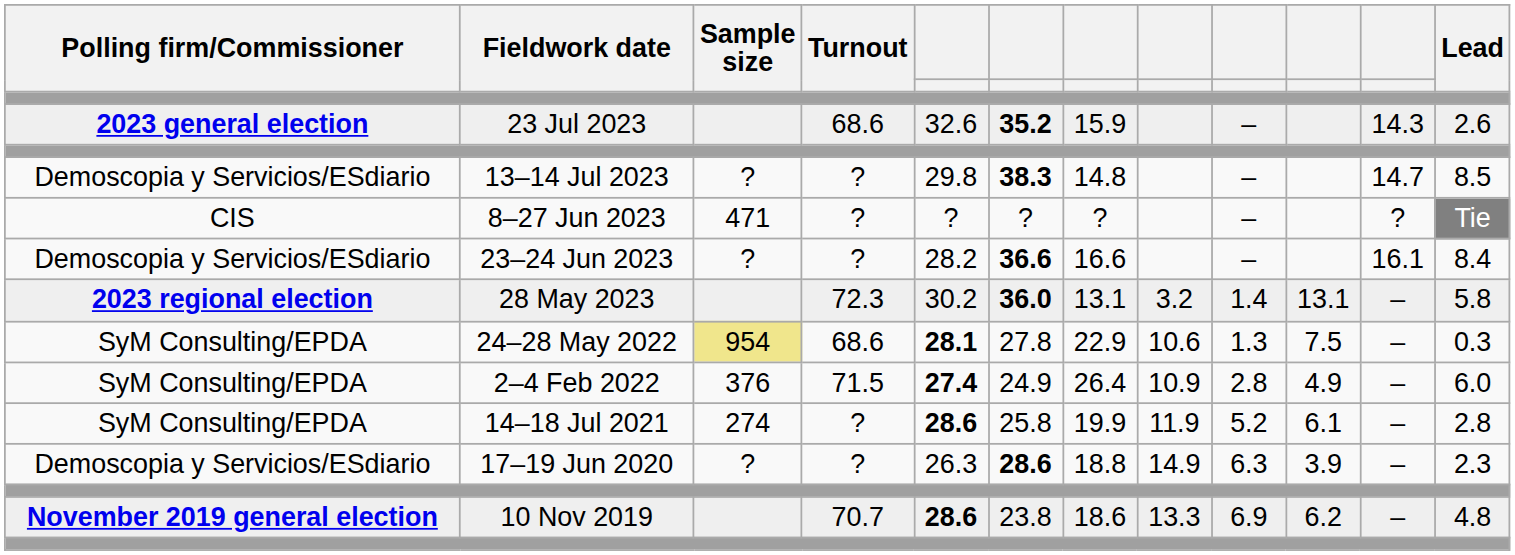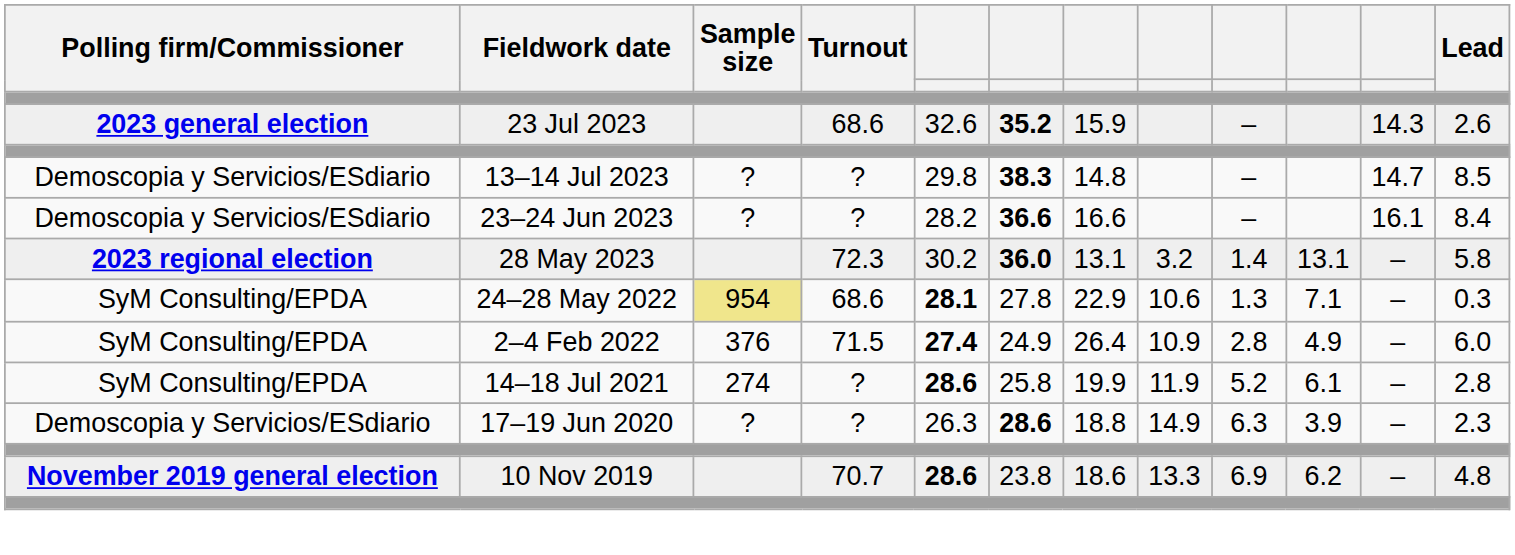 <table class="wikitable collapsible collapsed" style="text-align:center; font-size:95%; line-height:16px;">
 <tr style="height:42px;">
 <th style="width:250px;" rowspan="2">Polling firm/Commissioner</th>
 <th style="width:125px;" rowspan="2">Fieldwork date</th>
 <th style="width:50px;" rowspan="2">Sample size</th>
 <th style="width:45px;" rowspan="2">Turnout</th>
 <th style="width:35px;"></th>
 <th style="width:35px;"></th>
 <th style="width:35px;"></th>
 <th style="width:35px;"></th>
 <th style="width:35px;"></th>
 <th style="width:35px;"></th>
 <th style="width:35px;"></th>
 <th style="width:30px;" rowspan="2">Lead</th>
 </tr>
 <tr>
 <th style="color:inherit;background:"></th>
 <th style="color:inherit;background:"></th>
 <th style="color:inherit;background:"></th>
 <th style="color:inherit;background:"></th>
 <th style="color:inherit;background:"></th>
 <th style="color:inherit;background:"></th>
 <th style="color:inherit;background:"></th>
 </tr>
 <tr>
 <td colspan="12" style="background:#A0A0A0"></td>
 </tr>
 <tr style="background:#EFEFEF;">
 <td><strong><a href='#'>2023 general election</a></strong></td>
 <td>23 Jul 2023</td>
 <td></td>
 <td>68.6</td>
 <td>32.6<br></td>
 <td><strong>35.2</strong><br></td>
 <td>15.9<br></td>
 <td></td>
 <td>–</td>
 <td></td>
 <td>14.3<br></td>
 <td style="background:">2.6</td>
 </tr>
 <tr>
 <td colspan="12" style="background:#A0A0A0"></td>
 </tr>
 <tr>
 <td>Demoscopia y Servicios/ESdiario</td>
 <td>13–14 Jul 2023</td>
 <td>?</td>
 <td>?</td>
 <td>29.8<br></td>
 <td><strong>38.3</strong><br></td>
 <td>14.8<br></td>
 <td></td>
 <td>–</td>
 <td></td>
 <td>14.7<br></td>
 <td style="background:">8.5</td>
 </tr>
 <tr>
-<td>CIS</td>
-<td>8–27 Jun 2023</td>
-<td>471</td>
-<td>?</td>
-<td>?<br></td>
-<td>?<br></td>
-<td>?<br></td>
-<td></td>
-<td>–</td>
-<td></td>
-<td>?<br></td>
-<td style="background:gray; color:white;">Tie</td>
-</tr>
-<tr>
 <td>Demoscopia y Servicios/ESdiario</td>
 <td>23–24 Jun 2023</td>
 <td>?</td>
 <td>?</td>
 <td>28.2<br></td>
 <td><strong>36.6</strong><br></td>
 <td>16.6<br></td>
 <td></td>
 <td>–</td>
 <td></td>
 <td>16.1<br></td>
 <td style="background:">8.4</td>
 </tr>
 <tr style="background:#EFEFEF;">
 <td><strong><a href='#'>2023 regional election</a></strong></td>
 <td>28 May 2023</td>
 <td></td>
 <td>72.3</td>
 <td>30.2<br></td>
 <td><strong>36.0</strong><br></td>
 <td>13.1<br></td>
 <td>3.2<br></td>
 <td>1.4<br></td>
 <td>13.1<br></td>
 <td>–</td>
 <td style="background:">5.8</td>
 </tr>
 <tr>
 <td>SyM Consulting/EPDA</td>
 <td>24–28 May 2022</td>
 <td style="background: khaki;">954</td>
 <td>68.6</td>
 <td><strong>28.1</strong><br></td>
 <td>27.8<br></td>
 <td>22.9<br></td>
 <td>10.6<br></td>
 <td>1.3<br></td>
-<td>7.5<br></td>
+<td>7.1<br></td>
 <td>–</td>
 <td style="background:">0.3</td>
 </tr>
 <tr>
 <td>SyM Consulting/EPDA</td>
 <td>2–4 Feb 2022</td>
 <td>376</td>
 <td>71.5</td>
 <td><strong>27.4</strong><br></td>
 <td>24.9<br></td>
 <td>26.4<br></td>
 <td>10.9<br></td>
 <td>2.8<br></td>
 <td>4.9<br></td>
 <td>–</td>
 <td style="background:">6.0</td>
 </tr>
 <tr>
 <td>SyM Consulting/EPDA</td>
 <td>14–18 Jul 2021</td>
 <td>274</td>
 <td>?</td>
 <td><strong>28.6</strong><br></td>
 <td>25.8<br></td>
 <td>19.9<br></td>
 <td>11.9<br></td>
 <td>5.2<br></td>
 <td>6.1<br></td>
 <td>–</td>
 <td style="background:">2.8</td>
 </tr>
 <tr>
 <td>Demoscopia y Servicios/ESdiario</td>
 <td>17–19 Jun 2020</td>
 <td>?</td>
 <td>?</td>
 <td>26.3<br></td>
 <td><strong>28.6</strong><br></td>
 <td>18.8<br></td>
 <td>14.9<br></td>
 <td>6.3<br></td>
 <td>3.9<br></td>
 <td>–</td>
 <td style="background:">2.3</td>
 </tr>
 <tr>
 <td colspan="12" style="background:#A0A0A0"></td>
 </tr>
 <tr style="background:#EFEFEF;">
 <td><strong><a href='#'>November 2019 general election</a></strong></td>
 <td>10 Nov 2019</td>
 <td></td>
 <td>70.7</td>
 <td><strong>28.6</strong><br></td>
 <td>23.8<br></td>
 <td>18.6<br></td>
 <td>13.3<br></td>
 <td>6.9<br></td>
 <td>6.2<br></td>
 <td>–</td>
 <td style="background:">4.8</td>
 </tr>
 <tr>
 <td colspan="12" style="background:#A0A0A0"></td>
 </tr>
 </table>
